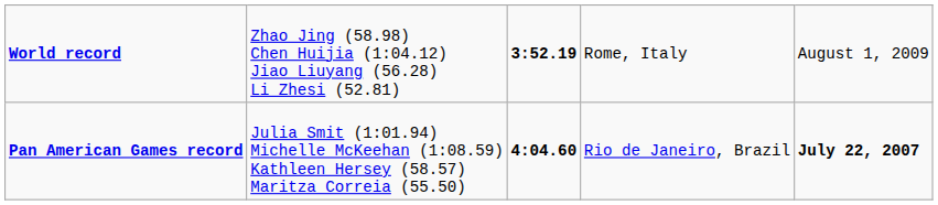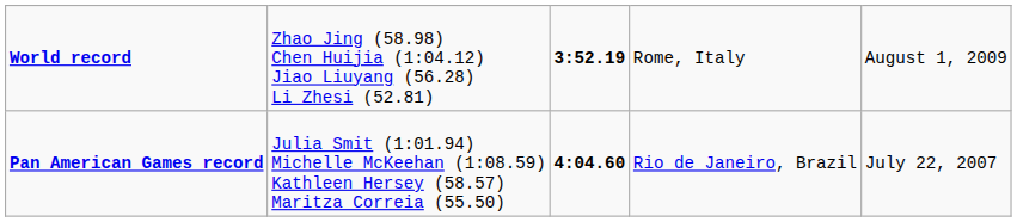 <table class="wikitable">
 <tr>
 <td><strong><a href='#'>World record</a></strong></td>
 <td><br><a href='#'>Zhao Jing</a> (58.98)<br><a href='#'>Chen Huijia</a> (1:04.12)<br><a href='#'>Jiao Liuyang</a> (56.28)<br><a href='#'>Li Zhesi</a> (52.81)</td>
 <td><strong>3:52.19</strong></td>
 <td>Rome, Italy</td>
 <td>August 1, 2009</td>
 </tr>
 <tr>
 <td><strong><a href='#'>Pan American Games record</a></strong></td>
 <td><br><a href='#'>Julia Smit</a> (1:01.94)<br><a href='#'>Michelle McKeehan</a> (1:08.59)<br><a href='#'>Kathleen Hersey</a> (58.57)<br><a href='#'>Maritza Correia</a> (55.50)</td>
 <td><strong>4:04.60</strong></td>
 <td><a href='#'>Rio de Janeiro</a>, Brazil</td>
-<td><strong>July 22, 2007</strong></td>
+<td>July 22, 2007</td>
 </tr>
 </table>
